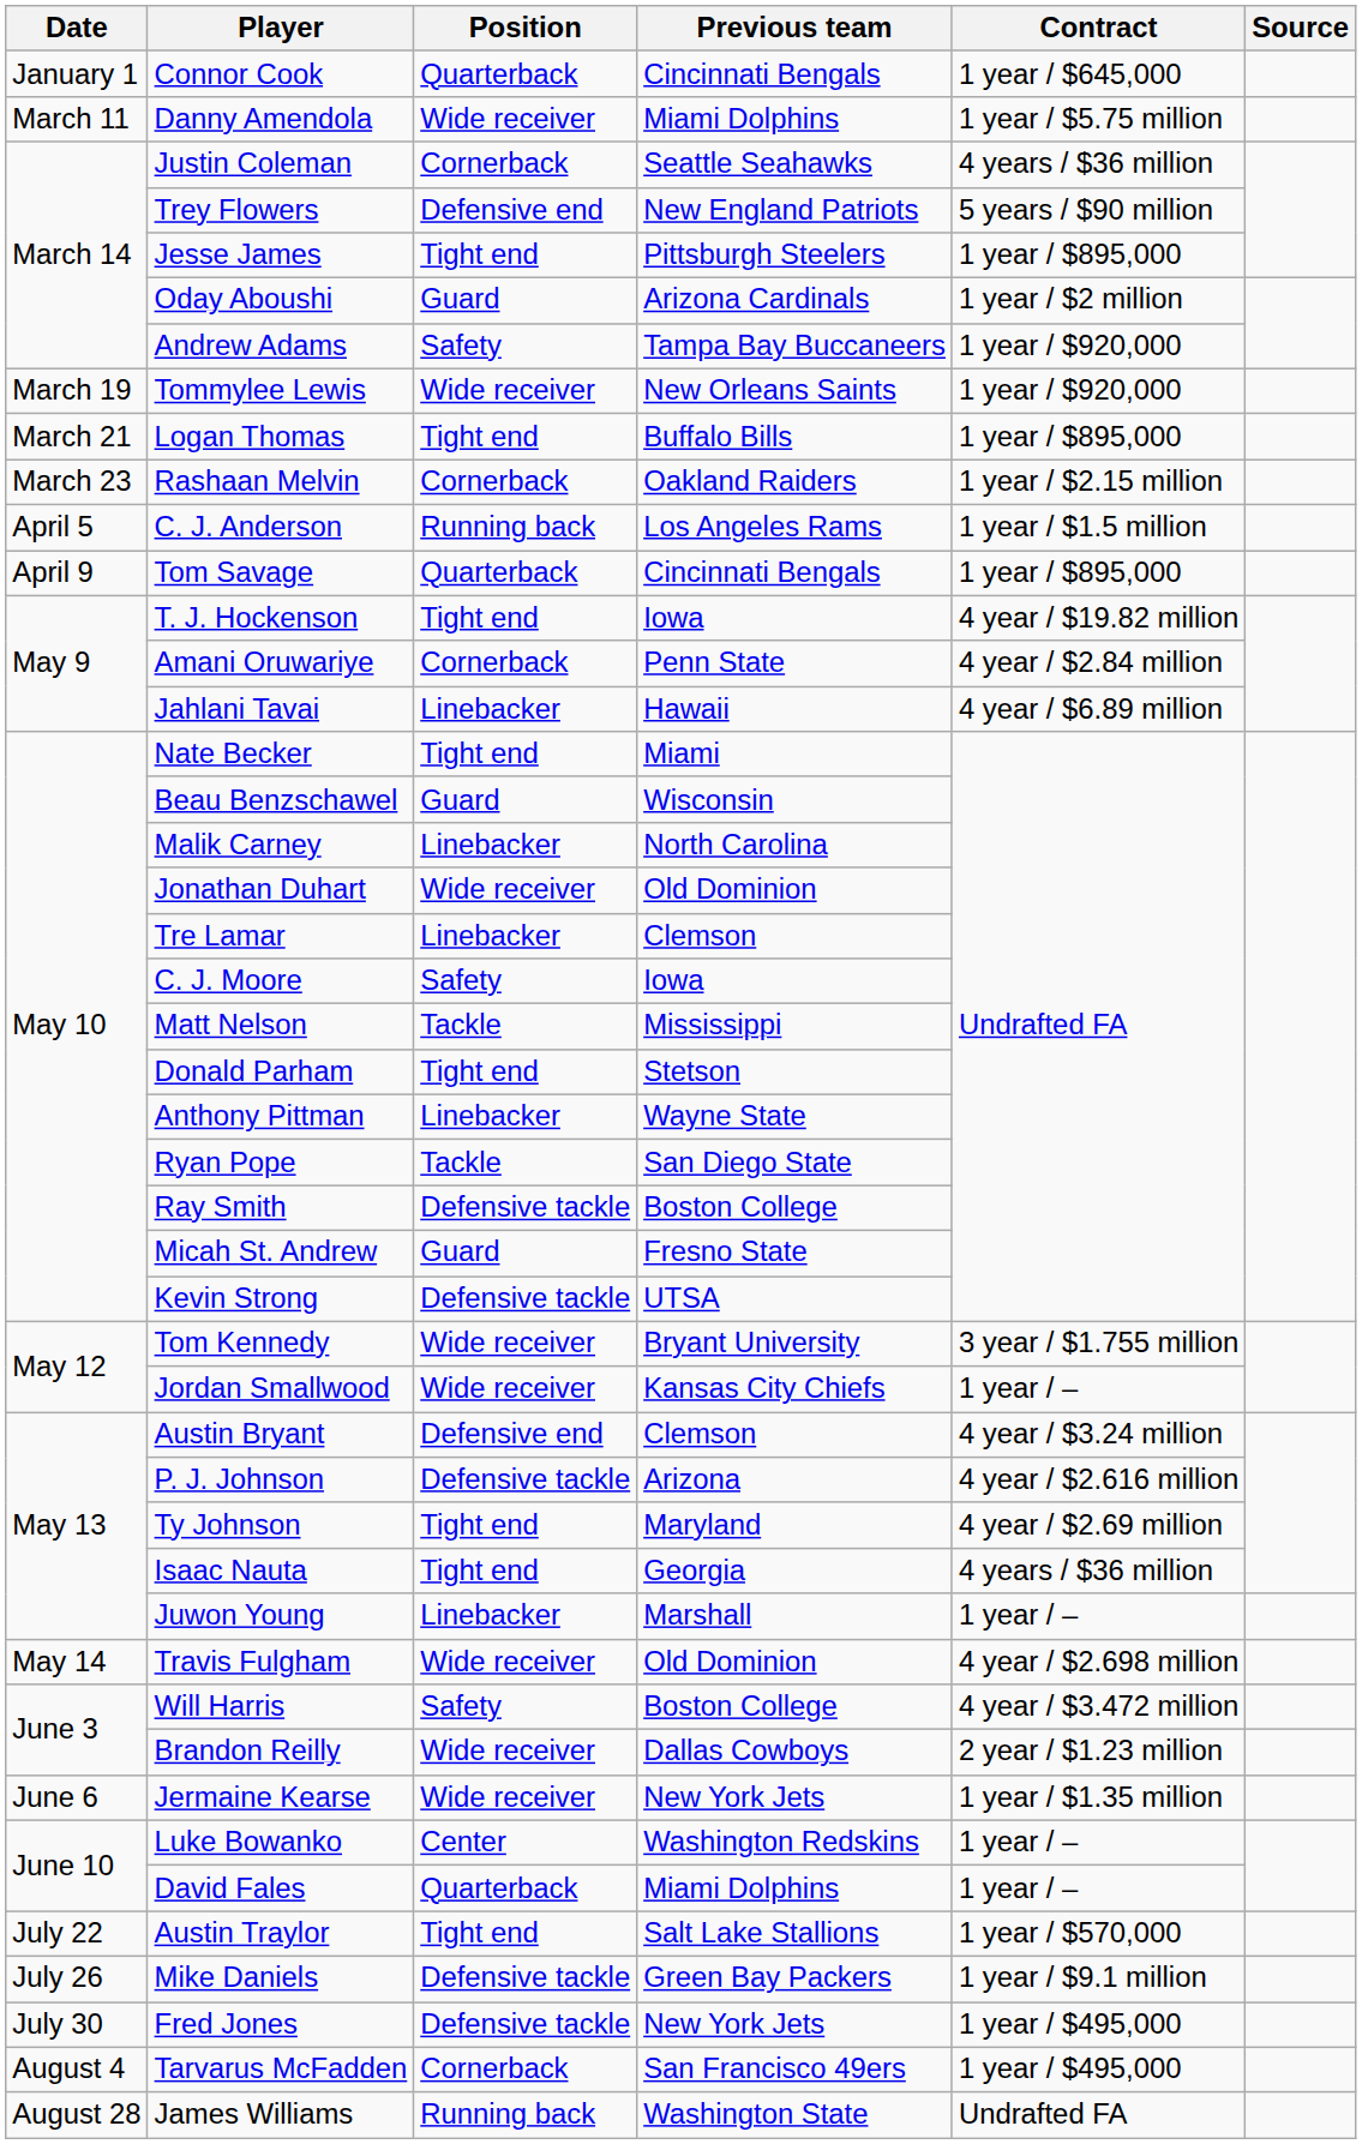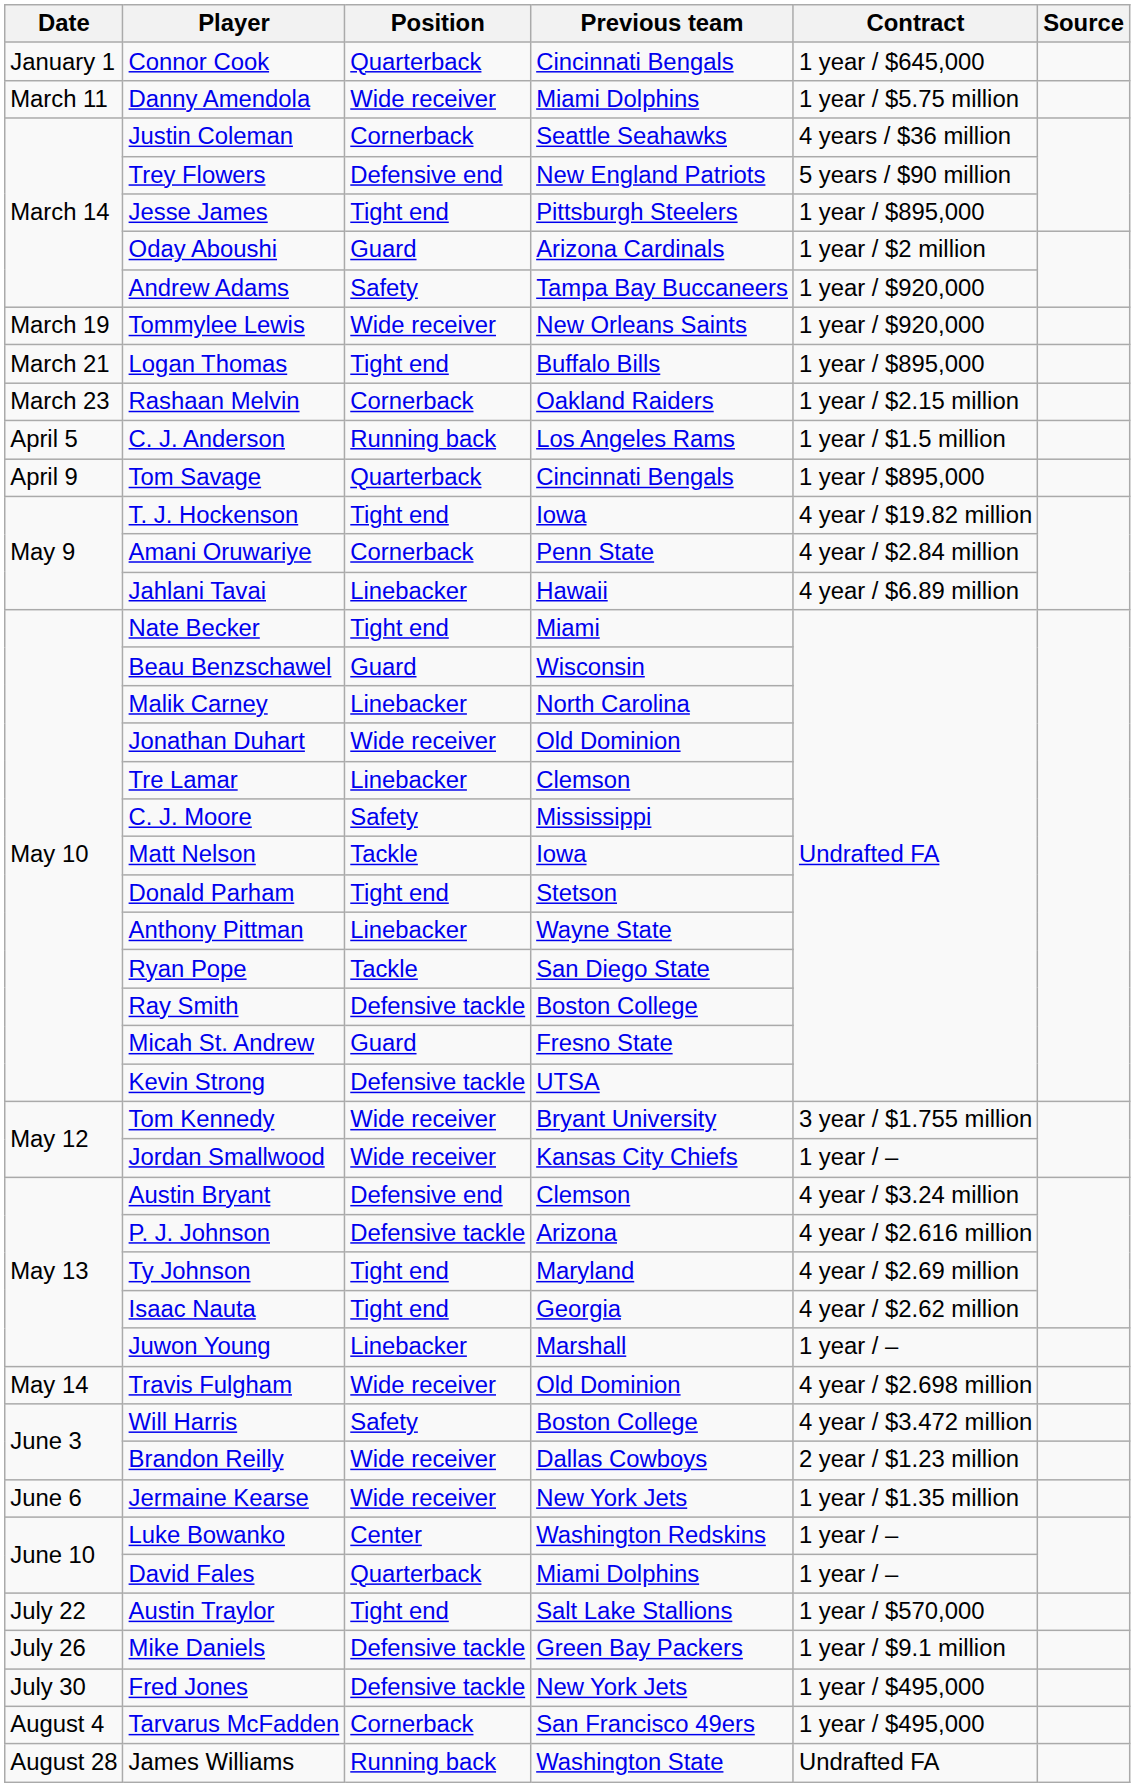 <table class="wikitable">
 <tr>
 <th>Date</th>
 <th>Player</th>
 <th>Position</th>
 <th>Previous team</th>
 <th>Contract</th>
 <th>Source</th>
 </tr>
 <tr>
 <td>January 1</td>
 <td><a href='#'>Connor Cook</a></td>
 <td><a href='#'>Quarterback</a></td>
 <td><a href='#'>Cincinnati Bengals</a></td>
 <td>1 year / $645,000</td>
 <td></td>
 </tr>
 <tr>
 <td>March 11</td>
 <td><a href='#'>Danny Amendola</a></td>
 <td><a href='#'>Wide receiver</a></td>
 <td><a href='#'>Miami Dolphins</a></td>
 <td>1 year / $5.75 million</td>
 <td></td>
 </tr>
 <tr>
 <td rowspan="5">March 14</td>
 <td><a href='#'>Justin Coleman</a></td>
 <td><a href='#'>Cornerback</a></td>
 <td><a href='#'>Seattle Seahawks</a></td>
 <td>4 years / $36 million</td>
 <td rowspan="3"></td>
 </tr>
 <tr>
 <td><a href='#'>Trey Flowers</a></td>
 <td><a href='#'>Defensive end</a></td>
 <td><a href='#'>New England Patriots</a></td>
 <td>5 years / $90 million</td>
 </tr>
 <tr>
 <td><a href='#'>Jesse James</a></td>
 <td><a href='#'>Tight end</a></td>
 <td><a href='#'>Pittsburgh Steelers</a></td>
 <td>1 year / $895,000</td>
 </tr>
 <tr>
 <td><a href='#'>Oday Aboushi</a></td>
 <td><a href='#'>Guard</a></td>
 <td><a href='#'>Arizona Cardinals</a></td>
 <td>1 year / $2 million</td>
 <td rowspan="2"></td>
 </tr>
 <tr>
 <td><a href='#'>Andrew Adams</a></td>
 <td><a href='#'>Safety</a></td>
 <td><a href='#'>Tampa Bay Buccaneers</a></td>
 <td>1 year / $920,000</td>
 </tr>
 <tr>
 <td>March 19</td>
 <td><a href='#'>Tommylee Lewis</a></td>
 <td><a href='#'>Wide receiver</a></td>
 <td><a href='#'>New Orleans Saints</a></td>
 <td>1 year / $920,000</td>
 <td></td>
 </tr>
 <tr>
 <td>March 21</td>
 <td><a href='#'>Logan Thomas</a></td>
 <td><a href='#'>Tight end</a></td>
 <td><a href='#'>Buffalo Bills</a></td>
 <td>1 year / $895,000</td>
 <td></td>
 </tr>
 <tr>
 <td>March 23</td>
 <td><a href='#'>Rashaan Melvin</a></td>
 <td><a href='#'>Cornerback</a></td>
 <td><a href='#'>Oakland Raiders</a></td>
 <td>1 year / $2.15 million</td>
 <td></td>
 </tr>
 <tr>
 <td>April 5</td>
 <td><a href='#'>C. J. Anderson</a></td>
 <td><a href='#'>Running back</a></td>
 <td><a href='#'>Los Angeles Rams</a></td>
 <td>1 year / $1.5 million</td>
 <td></td>
 </tr>
 <tr>
 <td>April 9</td>
 <td><a href='#'>Tom Savage</a></td>
 <td><a href='#'>Quarterback</a></td>
 <td><a href='#'>Cincinnati Bengals</a></td>
 <td>1 year / $895,000</td>
 <td></td>
 </tr>
 <tr>
 <td rowspan="3">May 9</td>
 <td><a href='#'>T. J. Hockenson</a></td>
 <td><a href='#'>Tight end</a></td>
 <td><a href='#'>Iowa</a></td>
 <td>4 year / $19.82 million</td>
 <td rowspan="3"></td>
 </tr>
 <tr>
 <td><a href='#'>Amani Oruwariye</a></td>
 <td><a href='#'>Cornerback</a></td>
 <td><a href='#'>Penn State</a></td>
 <td>4 year / $2.84 million</td>
 </tr>
 <tr>
 <td><a href='#'>Jahlani Tavai</a></td>
 <td><a href='#'>Linebacker</a></td>
 <td><a href='#'>Hawaii</a></td>
 <td>4 year / $6.89 million</td>
 </tr>
 <tr>
 <td rowspan="13">May 10</td>
 <td><a href='#'>Nate Becker</a></td>
 <td><a href='#'>Tight end</a></td>
 <td><a href='#'>Miami</a></td>
 <td rowspan="13"><a href='#'>Undrafted FA</a></td>
 <td rowspan="13"></td>
 </tr>
 <tr>
 <td><a href='#'>Beau Benzschawel</a></td>
 <td><a href='#'>Guard</a></td>
 <td><a href='#'>Wisconsin</a></td>
 </tr>
 <tr>
 <td><a href='#'>Malik Carney</a></td>
 <td><a href='#'>Linebacker</a></td>
 <td><a href='#'>North Carolina</a></td>
 </tr>
 <tr>
 <td><a href='#'>Jonathan Duhart</a></td>
 <td><a href='#'>Wide receiver</a></td>
 <td><a href='#'>Old Dominion</a></td>
 </tr>
 <tr>
 <td><a href='#'>Tre Lamar</a></td>
 <td><a href='#'>Linebacker</a></td>
 <td><a href='#'>Clemson</a></td>
 </tr>
 <tr>
 <td><a href='#'>C. J. Moore</a></td>
 <td><a href='#'>Safety</a></td>
-<td><a href='#'>Iowa</a></td>
+<td><a href='#'>Mississippi</a></td>
 </tr>
 <tr>
 <td><a href='#'>Matt Nelson</a></td>
 <td><a href='#'>Tackle</a></td>
-<td><a href='#'>Mississippi</a></td>
+<td><a href='#'>Iowa</a></td>
 </tr>
 <tr>
 <td><a href='#'>Donald Parham</a></td>
 <td><a href='#'>Tight end</a></td>
 <td><a href='#'>Stetson</a></td>
 </tr>
 <tr>
 <td><a href='#'>Anthony Pittman</a></td>
 <td><a href='#'>Linebacker</a></td>
 <td><a href='#'>Wayne State</a></td>
 </tr>
 <tr>
 <td><a href='#'>Ryan Pope</a></td>
 <td><a href='#'>Tackle</a></td>
 <td><a href='#'>San Diego State</a></td>
 </tr>
 <tr>
 <td><a href='#'>Ray Smith</a></td>
 <td><a href='#'>Defensive tackle</a></td>
 <td><a href='#'>Boston College</a></td>
 </tr>
 <tr>
 <td><a href='#'>Micah St. Andrew</a></td>
 <td><a href='#'>Guard</a></td>
 <td><a href='#'>Fresno State</a></td>
 </tr>
 <tr>
 <td><a href='#'>Kevin Strong</a></td>
 <td><a href='#'>Defensive tackle</a></td>
 <td><a href='#'>UTSA</a></td>
 </tr>
 <tr>
 <td rowspan="2">May 12</td>
 <td><a href='#'>Tom Kennedy</a></td>
 <td><a href='#'>Wide receiver</a></td>
 <td><a href='#'>Bryant University</a></td>
 <td>3 year / $1.755 million</td>
 <td rowspan="2"></td>
 </tr>
 <tr>
 <td><a href='#'>Jordan Smallwood</a></td>
 <td><a href='#'>Wide receiver</a></td>
 <td><a href='#'>Kansas City Chiefs</a></td>
 <td>1 year / –</td>
 </tr>
 <tr>
 <td rowspan="5">May 13</td>
 <td><a href='#'>Austin Bryant</a></td>
 <td><a href='#'>Defensive end</a></td>
 <td><a href='#'>Clemson</a></td>
 <td>4 year / $3.24 million</td>
 <td rowspan="4"></td>
 </tr>
 <tr>
 <td><a href='#'>P. J. Johnson</a></td>
 <td><a href='#'>Defensive tackle</a></td>
 <td><a href='#'>Arizona</a></td>
 <td>4 year / $2.616 million</td>
 </tr>
 <tr>
 <td><a href='#'>Ty Johnson</a></td>
 <td><a href='#'>Tight end</a></td>
 <td><a href='#'>Maryland</a></td>
 <td>4 year / $2.69 million</td>
 </tr>
 <tr>
 <td><a href='#'>Isaac Nauta</a></td>
 <td><a href='#'>Tight end</a></td>
 <td><a href='#'>Georgia</a></td>
-<td>4 years / $36 million</td>
+<td>4 year / $2.62 million</td>
 </tr>
 <tr>
 <td><a href='#'>Juwon Young</a></td>
 <td><a href='#'>Linebacker</a></td>
 <td><a href='#'>Marshall</a></td>
 <td>1 year / –</td>
 <td></td>
 </tr>
 <tr>
 <td>May 14</td>
 <td><a href='#'>Travis Fulgham</a></td>
 <td><a href='#'>Wide receiver</a></td>
 <td><a href='#'>Old Dominion</a></td>
 <td>4 year / $2.698 million</td>
 <td></td>
 </tr>
 <tr>
 <td rowspan="2">June 3</td>
 <td><a href='#'>Will Harris</a></td>
 <td><a href='#'>Safety</a></td>
 <td><a href='#'>Boston College</a></td>
 <td>4 year / $3.472 million</td>
 <td></td>
 </tr>
 <tr>
 <td><a href='#'>Brandon Reilly</a></td>
 <td><a href='#'>Wide receiver</a></td>
 <td><a href='#'>Dallas Cowboys</a></td>
 <td>2 year / $1.23 million</td>
 <td></td>
 </tr>
 <tr>
 <td>June 6</td>
 <td><a href='#'>Jermaine Kearse</a></td>
 <td><a href='#'>Wide receiver</a></td>
 <td><a href='#'>New York Jets</a></td>
 <td>1 year / $1.35 million</td>
 <td></td>
 </tr>
 <tr>
 <td rowspan="2">June 10</td>
 <td><a href='#'>Luke Bowanko</a></td>
 <td><a href='#'>Center</a></td>
 <td><a href='#'>Washington Redskins</a></td>
 <td>1 year / –</td>
 <td rowspan="2"></td>
 </tr>
 <tr>
 <td><a href='#'>David Fales</a></td>
 <td><a href='#'>Quarterback</a></td>
 <td><a href='#'>Miami Dolphins</a></td>
 <td>1 year / –</td>
 </tr>
 <tr>
 <td>July 22</td>
 <td><a href='#'>Austin Traylor</a></td>
 <td><a href='#'>Tight end</a></td>
 <td><a href='#'>Salt Lake Stallions</a></td>
 <td>1 year / $570,000</td>
 <td></td>
 </tr>
 <tr>
 <td>July 26</td>
 <td><a href='#'>Mike Daniels</a></td>
 <td><a href='#'>Defensive tackle</a></td>
 <td><a href='#'>Green Bay Packers</a></td>
 <td>1 year / $9.1 million</td>
 <td></td>
 </tr>
 <tr>
 <td>July 30</td>
 <td><a href='#'>Fred Jones</a></td>
 <td><a href='#'>Defensive tackle</a></td>
 <td><a href='#'>New York Jets</a></td>
 <td>1 year / $495,000</td>
 <td></td>
 </tr>
 <tr>
 <td>August 4</td>
 <td><a href='#'>Tarvarus McFadden</a></td>
 <td><a href='#'>Cornerback</a></td>
 <td><a href='#'>San Francisco 49ers</a></td>
 <td>1 year / $495,000</td>
 <td></td>
 </tr>
 <tr>
 <td>August 28</td>
 <td>James Williams</td>
 <td><a href='#'>Running back</a></td>
 <td><a href='#'>Washington State</a></td>
 <td>Undrafted FA</td>
 <td></td>
 </tr>
 </table>
